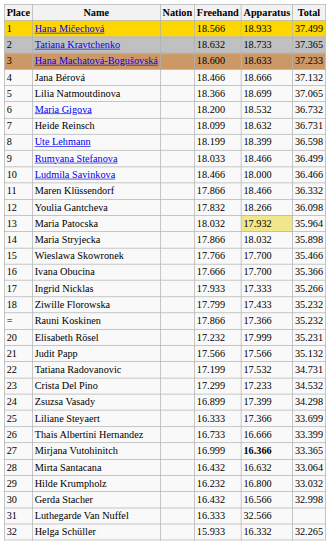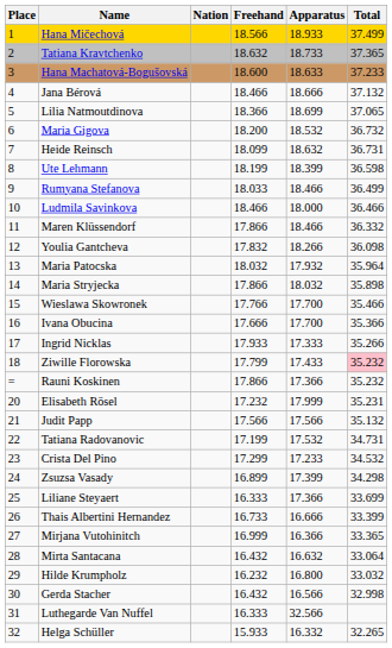 <table class="wikitable">
 <tr>
 <th>Place</th>
 <th>Name</th>
 <th>Nation</th>
 <th>Freehand</th>
 <th>Apparatus</th>
 <th>Total</th>
 </tr>
 <tr bgcolor=gold>
 <td>1</td>
 <td><a href='#'>Hana Mičechová</a></td>
 <td></td>
 <td>18.566</td>
 <td>18.933</td>
 <td>37.499</td>
 </tr>
 <tr bgcolor=silver>
 <td>2</td>
 <td><a href='#'>Tatiana Kravtchenko</a></td>
 <td></td>
 <td>18.632</td>
 <td>18.733</td>
 <td>37.365</td>
 </tr>
 <tr bgcolor=cc9966>
 <td>3</td>
 <td><a href='#'>Hana Machatová-Bogušovská</a></td>
 <td></td>
 <td>18.600</td>
 <td>18.633</td>
 <td>37.233</td>
 </tr>
 <tr>
 <td>4</td>
 <td>Jana Bérová</td>
 <td></td>
 <td>18.466</td>
 <td>18.666</td>
 <td>37.132</td>
 </tr>
 <tr>
 <td>5</td>
 <td>Lilia Natmoutdinova</td>
 <td></td>
 <td>18.366</td>
 <td>18.699</td>
 <td>37.065</td>
 </tr>
 <tr>
 <td>6</td>
 <td><a href='#'>Maria Gigova</a></td>
 <td></td>
 <td>18.200</td>
 <td>18.532</td>
 <td>36.732</td>
 </tr>
 <tr>
 <td>7</td>
 <td>Heide Reinsch</td>
 <td></td>
 <td>18.099</td>
 <td>18.632</td>
 <td>36.731</td>
 </tr>
 <tr>
 <td>8</td>
 <td><a href='#'>Ute Lehmann</a></td>
 <td></td>
 <td>18.199</td>
 <td>18.399</td>
 <td>36.598</td>
 </tr>
 <tr>
 <td>9</td>
 <td><a href='#'>Rumyana Stefanova</a></td>
 <td></td>
 <td>18.033</td>
 <td>18.466</td>
 <td>36.499</td>
 </tr>
 <tr>
 <td>10</td>
 <td><a href='#'>Ludmila Savinkova</a></td>
 <td></td>
 <td>18.466</td>
 <td>18.000</td>
 <td>36.466</td>
 </tr>
 <tr>
 <td>11</td>
 <td>Maren Klüssendorf</td>
 <td></td>
 <td>17.866</td>
 <td>18.466</td>
 <td>36.332</td>
 </tr>
 <tr>
 <td>12</td>
 <td>Youlia Gantcheva</td>
 <td></td>
 <td>17.832</td>
 <td>18.266</td>
 <td>36.098</td>
 </tr>
 <tr>
 <td>13</td>
 <td>Maria Patocska</td>
 <td></td>
 <td>18.032</td>
-<td style="background: khaki;">17.932</td>
+<td>17.932</td>
 <td>35.964</td>
 </tr>
 <tr>
 <td>14</td>
 <td>Maria Stryjecka</td>
 <td></td>
 <td>17.866</td>
 <td>18.032</td>
 <td>35.898</td>
 </tr>
 <tr>
 <td>15</td>
 <td>Wieslawa Skowronek</td>
 <td></td>
 <td>17.766</td>
 <td>17.700</td>
 <td>35.466</td>
 </tr>
 <tr>
 <td>16</td>
 <td>Ivana Obucina</td>
 <td></td>
 <td>17.666</td>
 <td>17.700</td>
 <td>35.366</td>
 </tr>
 <tr>
 <td>17</td>
 <td>Ingrid Nicklas</td>
 <td></td>
 <td>17.933</td>
 <td>17.333</td>
 <td>35.266</td>
 </tr>
 <tr>
 <td>18</td>
 <td>Ziwille Florowska</td>
 <td></td>
 <td>17.799</td>
 <td>17.433</td>
-<td>35.232</td>
+<td style="background: pink;">35.232</td>
 </tr>
 <tr>
 <td>=</td>
 <td>Rauni Koskinen</td>
 <td></td>
 <td>17.866</td>
 <td>17.366</td>
 <td>35.232</td>
 </tr>
 <tr>
 <td>20</td>
 <td>Elisabeth Rösel</td>
 <td></td>
 <td>17.232</td>
 <td>17.999</td>
 <td>35.231</td>
 </tr>
 <tr>
 <td>21</td>
 <td>Judit Papp</td>
 <td></td>
 <td>17.566</td>
 <td>17.566</td>
 <td>35.132</td>
 </tr>
 <tr>
 <td>22</td>
 <td>Tatiana Radovanovic</td>
 <td></td>
 <td>17.199</td>
 <td>17.532</td>
 <td>34.731</td>
 </tr>
 <tr>
 <td>23</td>
 <td>Crista Del Pino</td>
 <td></td>
 <td>17.299</td>
 <td>17.233</td>
 <td>34.532</td>
 </tr>
 <tr>
 <td>24</td>
 <td>Zsuzsa Vasady</td>
 <td></td>
 <td>16.899</td>
 <td>17.399</td>
 <td>34.298</td>
 </tr>
 <tr>
 <td>25</td>
 <td>Liliane Steyaert</td>
 <td></td>
 <td>16.333</td>
 <td>17.366</td>
 <td>33.699</td>
 </tr>
 <tr>
 <td>26</td>
 <td>Thais Albertini Hernandez</td>
 <td></td>
 <td>16.733</td>
 <td>16.666</td>
 <td>33.399</td>
 </tr>
 <tr>
 <td>27</td>
 <td>Mirjana Vutohinitch</td>
 <td></td>
 <td>16.999</td>
-<td><strong>16.366</strong></td>
+<td>16.366</td>
 <td>33.365</td>
 </tr>
 <tr>
 <td>28</td>
 <td>Mirta Santacana</td>
 <td></td>
 <td>16.432</td>
 <td>16.632</td>
 <td>33.064</td>
 </tr>
 <tr>
 <td>29</td>
 <td>Hilde Krumpholz</td>
 <td></td>
 <td>16.232</td>
 <td>16.800</td>
 <td>33.032</td>
 </tr>
 <tr>
 <td>30</td>
 <td>Gerda Stacher</td>
 <td></td>
 <td>16.432</td>
 <td>16.566</td>
 <td>32.998</td>
 </tr>
 <tr>
 <td>31</td>
 <td>Luthegarde Van Nuffel</td>
 <td></td>
 <td>16.333</td>
 <td 16.233>32.566</td>
 </tr>
 <tr>
 <td>32</td>
 <td>Helga Schüller</td>
 <td></td>
 <td>15.933</td>
 <td>16.332</td>
 <td>32.265</td>
 </tr>
 </table>
